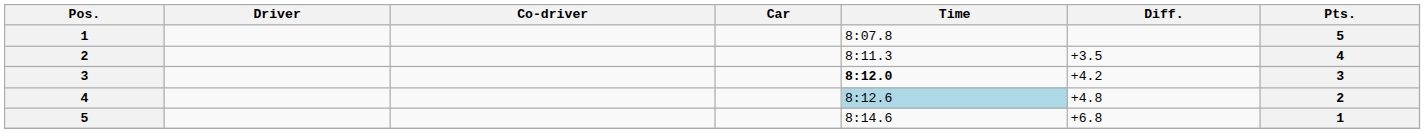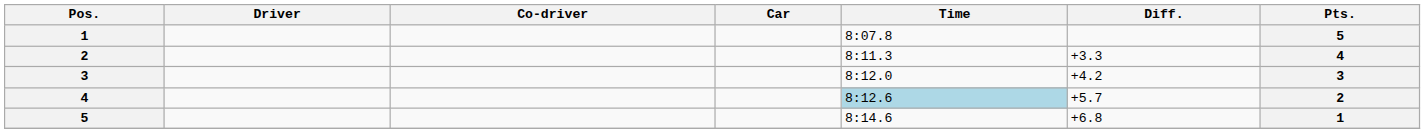 <table class="wikitable" width=60% style="font-size: 85%;">
 <tr>
 <th>Pos.</th>
 <th>Driver</th>
 <th>Co-driver</th>
 <th>Car</th>
 <th>Time</th>
 <th>Diff.</th>
 <th>Pts.</th>
 </tr>
 <tr>
 <th>1</th>
 <td></td>
 <td></td>
 <td></td>
 <td>8:07.8</td>
 <td></td>
 <th>5</th>
 </tr>
 <tr>
 <th>2</th>
 <td></td>
 <td></td>
 <td></td>
 <td>8:11.3</td>
-<td>+3.5</td>
+<td>+3.3</td>
 <th>4</th>
 </tr>
 <tr>
 <th>3</th>
 <td></td>
 <td></td>
 <td></td>
-<td><strong>8:12.0</strong></td>
+<td>8:12.0</td>
 <td>+4.2</td>
 <th>3</th>
 </tr>
 <tr>
 <th>4</th>
 <td></td>
 <td></td>
 <td></td>
 <td style="background: lightblue;">8:12.6</td>
-<td>+4.8</td>
+<td>+5.7</td>
 <th>2</th>
 </tr>
 <tr>
 <th>5</th>
 <td></td>
 <td></td>
 <td></td>
 <td>8:14.6</td>
 <td>+6.8</td>
 <th>1</th>
 </tr>
 <tr>
 </tr>
 </table>
